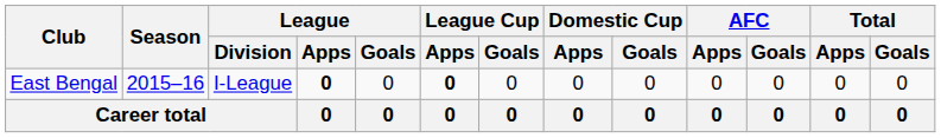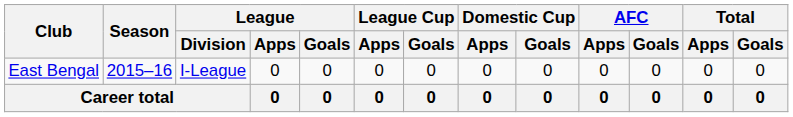 <table class="wikitable" style="text-align: center;">
 <tr>
 <th rowspan="2">Club</th>
 <th rowspan="2">Season</th>
 <th colspan="3">League</th>
 <th colspan="2">League Cup</th>
 <th colspan="2">Domestic Cup</th>
 <th colspan="2"><a href='#'>AFC</a></th>
 <th colspan="2">Total</th>
 </tr>
 <tr>
 <th>Division</th>
 <th>Apps</th>
 <th>Goals</th>
 <th>Apps</th>
 <th>Goals</th>
 <th>Apps</th>
 <th>Goals</th>
 <th>Apps</th>
 <th>Goals</th>
 <th>Apps</th>
 <th>Goals</th>
 </tr>
 <tr>
 <td rowspan="1"><a href='#'>East Bengal</a></td>
 <td><a href='#'>2015–16</a></td>
 <td><a href='#'>I-League</a></td>
-<td><strong>0</strong></td>
 <td>0</td>
-<td><strong>0</strong></td>
+<td>0</td>
+<td>0</td>
 <td>0</td>
 <td>0</td>
 <td>0</td>
 <td>0</td>
 <td>0</td>
 <td>0</td>
 <td>0</td>
 </tr>
 <tr>
 <th colspan="3">Career total</th>
 <th>0</th>
 <th>0</th>
 <th>0</th>
 <th>0</th>
 <th>0</th>
 <th>0</th>
 <th>0</th>
 <th>0</th>
 <th>0</th>
 <th>0</th>
 </tr>
 </table>
